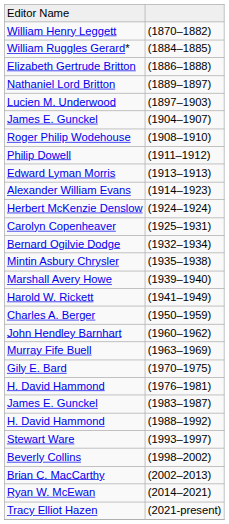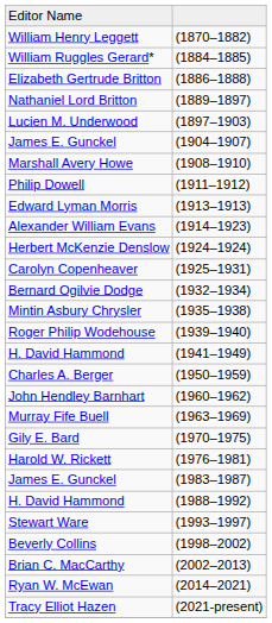 <table class="wikitable">
 <tr align="left" style="background:#efefef;">
 <td>Editor Name</td>
 <td Tenure as Head Editor></td>
 </tr>
 <tr align="left">
 <td><a href='#'>William Henry Leggett</a></td>
 <td>(1870–1882)</td>
 </tr>
 <tr align="left">
 <td><a href='#'>William Ruggles Gerard</a>*</td>
 <td>(1884–1885)</td>
 </tr>
 <tr align="left">
 <td><a href='#'>Elizabeth Gertrude Britton</a></td>
 <td>(1886–1888)</td>
 </tr>
 <tr align="left">
 <td><a href='#'>Nathaniel Lord Britton</a></td>
 <td>(1889–1897)</td>
 </tr>
 <tr align="left">
 <td><a href='#'>Lucien M. Underwood</a></td>
 <td>(1897–1903)</td>
 </tr>
 <tr align="left">
 <td><a href='#'>James E. Gunckel</a></td>
 <td>(1904–1907)</td>
 </tr>
 <tr align="left">
-<td><a href='#'>Roger Philip Wodehouse</a></td>
+<td><a href='#'>Marshall Avery Howe</a></td>
 <td>(1908–1910)</td>
 </tr>
 <tr align="left">
 <td><a href='#'>Philip Dowell</a></td>
 <td>(1911–1912)</td>
 </tr>
 <tr align="left">
 <td><a href='#'>Edward Lyman Morris</a></td>
 <td>(1913–1913)</td>
 </tr>
 <tr align="left">
 <td><a href='#'>Alexander William Evans</a></td>
 <td>(1914–1923)</td>
 </tr>
 <tr align="left">
 <td><a href='#'>Herbert McKenzie Denslow</a></td>
 <td>(1924–1924)</td>
 </tr>
 <tr align="left">
 <td><a href='#'>Carolyn Copenheaver</a></td>
 <td>(1925–1931)</td>
 </tr>
 <tr align="left">
 <td><a href='#'>Bernard Ogilvie Dodge</a></td>
 <td>(1932–1934)</td>
 </tr>
 <tr align="left">
 <td><a href='#'>Mintin Asbury Chrysler</a></td>
 <td>(1935–1938)</td>
 </tr>
 <tr align="left">
-<td><a href='#'>Marshall Avery Howe</a></td>
+<td><a href='#'>Roger Philip Wodehouse</a></td>
 <td>(1939–1940)</td>
 </tr>
 <tr align="left">
-<td><a href='#'>Harold W. Rickett</a></td>
+<td><a href='#'>H. David Hammond</a></td>
 <td>(1941–1949)</td>
 </tr>
 <tr align="left">
 <td><a href='#'>Charles A. Berger</a></td>
 <td>(1950–1959)</td>
 </tr>
 <tr align="left">
 <td><a href='#'>John Hendley Barnhart</a></td>
 <td>(1960–1962)</td>
 </tr>
 <tr align="left">
 <td><a href='#'>Murray Fife Buell</a></td>
 <td>(1963–1969)</td>
 </tr>
 <tr align="left">
 <td><a href='#'>Gily E. Bard</a></td>
 <td>(1970–1975)</td>
 </tr>
 <tr align="left">
-<td><a href='#'>H. David Hammond</a></td>
+<td><a href='#'>Harold W. Rickett</a></td>
 <td>(1976–1981)</td>
 </tr>
 <tr align="left">
 <td><a href='#'>James E. Gunckel</a></td>
 <td>(1983–1987)</td>
 </tr>
 <tr align="left">
 <td><a href='#'>H. David Hammond</a></td>
 <td>(1988–1992)</td>
 </tr>
 <tr align="left">
 <td><a href='#'>Stewart Ware</a></td>
 <td>(1993–1997)</td>
 </tr>
 <tr align="left">
 <td><a href='#'>Beverly Collins</a></td>
 <td>(1998–2002)</td>
 </tr>
 <tr align="left">
 <td><a href='#'>Brian C. MacCarthy</a></td>
 <td>(2002–2013)</td>
 </tr>
 <tr align="left">
 <td><a href='#'>Ryan W. McEwan</a></td>
 <td>(2014–2021)</td>
 </tr>
 <tr align="left">
 <td><a href='#'>Tracy Elliot Hazen</a></td>
 <td>(2021-present)</td>
 </tr>
 <tr align="left">
 </tr>
 </table>
